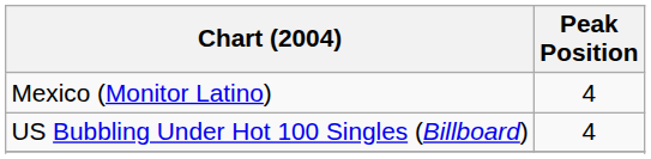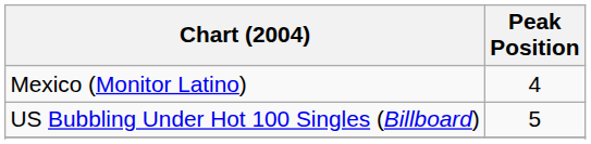 <table class="wikitable">
 <tr>
 <th style="text-align:center;">Chart (2004)</th>
 <th style="text-align:center;">Peak<br>Position</th>
 </tr>
 <tr>
 <td>Mexico (<a href='#'>Monitor Latino</a>)</td>
 <td align="center">4</td>
 </tr>
 <tr>
 <td align="left">US <a href='#'>Bubbling Under Hot 100 Singles</a> (<em><a href='#'>Billboard</a></em>)</td>
-<td style="text-align:center;">4</td>
+<td style="text-align:center;">5</td>
 </tr>
 <tr>
 </tr>
 <tr>
 </tr>
 <tr>
 </tr>
 <tr>
 </tr>
 </table>
